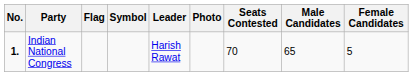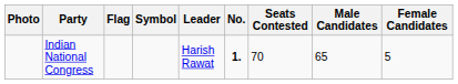 <table class="wikitable" " width="50%">
 <tr>
-<th>No.</th>
+<th>Photo</th>
 <th>Party</th>
 <th>Flag</th>
 <th>Symbol</th>
 <th>Leader</th>
-<th>Photo</th>
+<th>No.</th>
 <th>Seats Contested</th>
 <th>Male Candidates</th>
 <th>Female Candidates</th>
 </tr>
 <tr>
-<td ! style="text-align:center; background:"><strong>1.</strong></td>
+<td></td>
 <td><a href='#'>Indian National Congress</a></td>
 <td></td>
 <td></td>
 <td><a href='#'>Harish Rawat</a></td>
-<td></td>
+<td ! style="text-align:center; background:"><strong>1.</strong></td>
 <td>70</td>
 <td>65</td>
 <td>5</td>
 </tr>
 </table>
